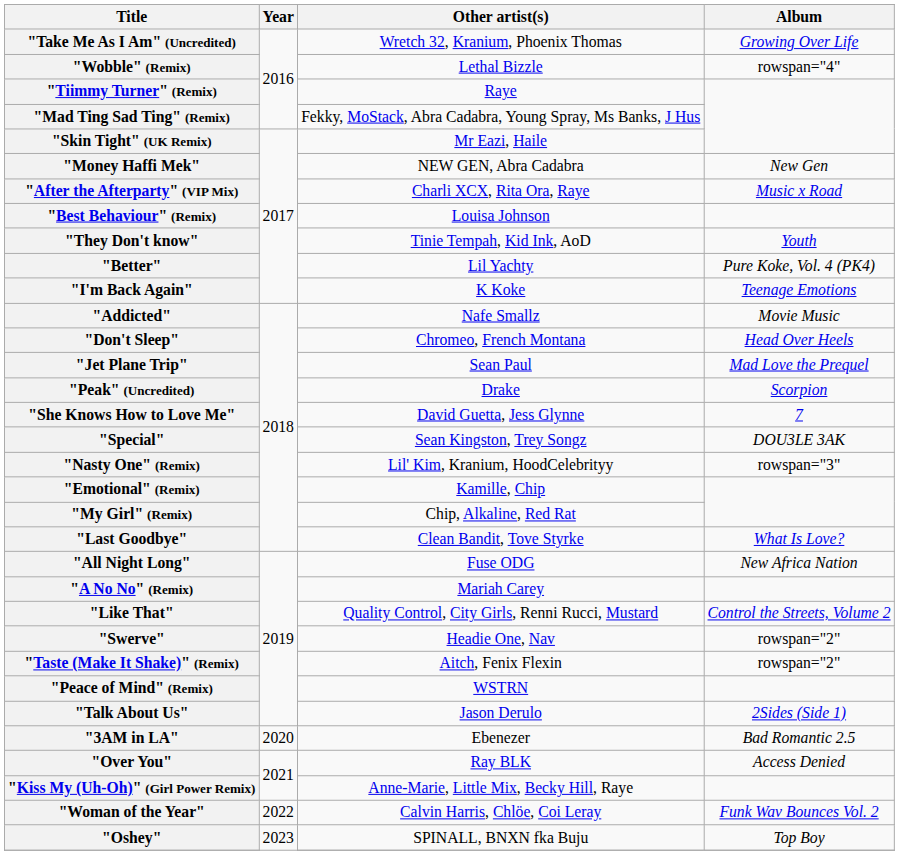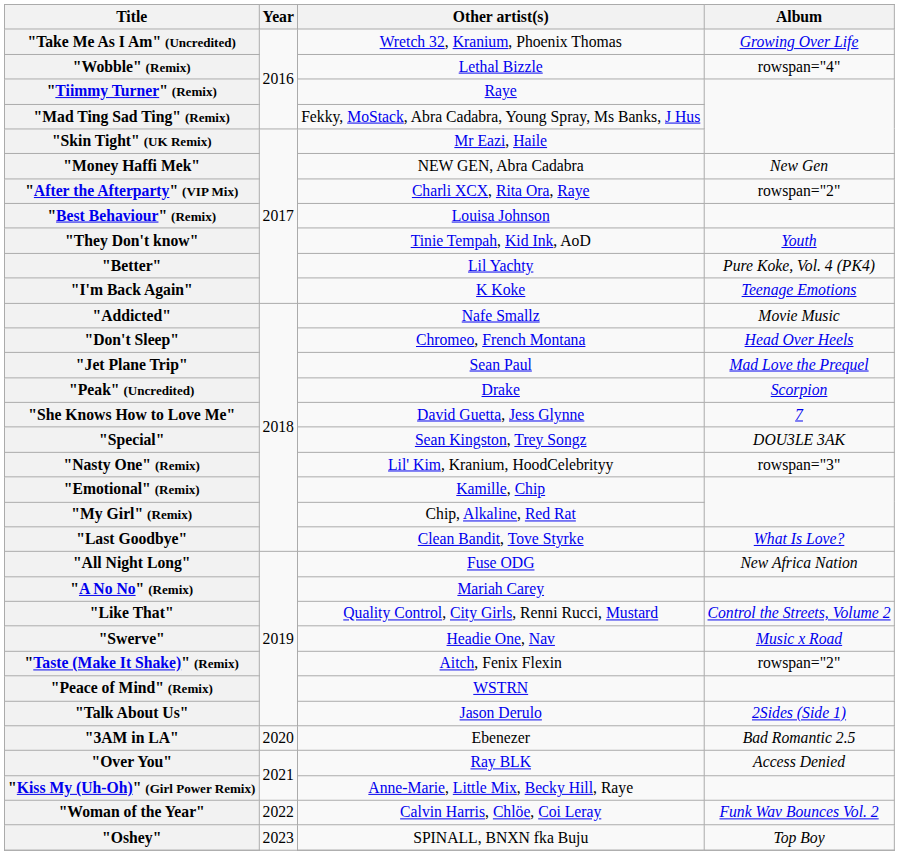 <table class="wikitable plainrowheaders" style="text-align:center;" border="1">
 <tr>
 <th scope="col">Title</th>
 <th scope="col">Year</th>
 <th scope="col">Other artist(s)</th>
 <th scope="col">Album</th>
 </tr>
 <tr>
 <th scope="row">"Take Me As I Am" <small>(Uncredited)</small></th>
 <td rowspan="4">2016</td>
 <td><a href='#'>Wretch 32</a>, <a href='#'>Kranium</a>, Phoenix Thomas</td>
 <td><em><a href='#'>Growing Over Life</a></em></td>
 </tr>
 <tr>
 <th scope="row">"Wobble" <small>(Remix)</small></th>
 <td><a href='#'>Lethal Bizzle</a></td>
 <td>rowspan="4" </td>
 </tr>
 <tr>
 <th scope="row">"<a href='#'>Tiimmy Turner</a>" <small>(Remix)</small></th>
 <td><a href='#'>Raye</a></td>
 </tr>
 <tr>
 <th scope="row">"Mad Ting Sad Ting" <small>(Remix)</small></th>
 <td>Fekky, <a href='#'>MoStack</a>, Abra Cadabra, Young Spray, Ms Banks, <a href='#'>J Hus</a></td>
 </tr>
 <tr>
 <th scope="row">"Skin Tight" <small>(UK Remix)</small></th>
 <td rowspan="7">2017</td>
 <td><a href='#'>Mr Eazi</a>, <a href='#'>Haile</a></td>
 </tr>
 <tr>
 <th scope="row">"Money Haffi Mek"</th>
 <td>NEW GEN, Abra Cadabra</td>
 <td><em>New Gen</em></td>
 </tr>
 <tr>
 <th scope="row">"<a href='#'>After the Afterparty</a>" <small>(VIP Mix)</small></th>
 <td><a href='#'>Charli XCX</a>, <a href='#'>Rita Ora</a>, <a href='#'>Raye</a></td>
-<td><em><a href='#'>Music x Road</a></em></td>
+<td>rowspan="2" </td>
 </tr>
 <tr>
 <th scope="row">"<a href='#'>Best Behaviour</a>" <small>(Remix)</small></th>
 <td><a href='#'>Louisa Johnson</a></td>
 </tr>
 <tr>
 <th scope="row">"They Don't know"</th>
 <td><a href='#'>Tinie Tempah</a>, <a href='#'>Kid Ink</a>, AoD</td>
 <td><em><a href='#'>Youth</a></em></td>
 </tr>
 <tr>
 <th scope="row">"Better"</th>
 <td><a href='#'>Lil Yachty</a></td>
 <td><em>Pure Koke, Vol. 4 (PK4)</em></td>
 </tr>
 <tr>
 <th scope="row">"I'm Back Again"</th>
 <td><a href='#'>K Koke</a></td>
 <td><em><a href='#'>Teenage Emotions</a></em></td>
 </tr>
 <tr>
 <th scope="row">"Addicted"</th>
 <td rowspan="10">2018</td>
 <td><a href='#'>Nafe Smallz</a></td>
 <td><em>Movie Music</em></td>
 </tr>
 <tr>
 <th scope="row">"Don't Sleep"</th>
 <td><a href='#'>Chromeo</a>, <a href='#'>French Montana</a></td>
 <td><em><a href='#'>Head Over Heels</a></em></td>
 </tr>
 <tr>
 <th scope="row">"Jet Plane Trip"</th>
 <td><a href='#'>Sean Paul</a></td>
 <td><em><a href='#'>Mad Love the Prequel</a></em></td>
 </tr>
 <tr>
 <th scope="row">"Peak" <small>(Uncredited)</small></th>
 <td><a href='#'>Drake</a></td>
 <td><em><a href='#'>Scorpion</a></em></td>
 </tr>
 <tr>
 <th scope="row">"She Knows How to Love Me"</th>
 <td><a href='#'>David Guetta</a>, <a href='#'>Jess Glynne</a></td>
 <td><em><a href='#'>7</a></em></td>
 </tr>
 <tr>
 <th scope="row">"Special"</th>
 <td><a href='#'>Sean Kingston</a>, <a href='#'>Trey Songz</a></td>
 <td><em>DOU3LE 3AK</em></td>
 </tr>
 <tr>
 <th scope="row">"Nasty One" <small>(Remix)</small></th>
 <td><a href='#'>Lil' Kim</a>, Kranium, HoodCelebrityy</td>
 <td>rowspan="3" </td>
 </tr>
 <tr>
 <th scope="row">"Emotional" <small>(Remix)</small></th>
 <td><a href='#'>Kamille</a>, <a href='#'>Chip</a></td>
 </tr>
 <tr>
 <th scope="row">"My Girl" <small>(Remix)</small></th>
 <td>Chip, <a href='#'>Alkaline</a>, <a href='#'>Red Rat</a></td>
 </tr>
 <tr>
 <th scope="row">"Last Goodbye"</th>
 <td><a href='#'>Clean Bandit</a>, <a href='#'>Tove Styrke</a></td>
 <td><em><a href='#'>What Is Love?</a></em></td>
 </tr>
 <tr>
 <th scope="row">"All Night Long"</th>
 <td rowspan="7">2019</td>
 <td><a href='#'>Fuse ODG</a></td>
 <td><em>New Africa Nation</em></td>
 </tr>
 <tr>
 <th scope="row">"<a href='#'>A No No</a>" <small>(Remix)</small></th>
 <td><a href='#'>Mariah Carey</a></td>
 <td></td>
 </tr>
 <tr>
 <th scope="row">"Like That"</th>
 <td><a href='#'>Quality Control</a>, <a href='#'>City Girls</a>, Renni Rucci, <a href='#'>Mustard</a></td>
 <td><em><a href='#'>Control the Streets, Volume 2</a></em></td>
 </tr>
 <tr>
 <th scope="row">"Swerve"</th>
 <td><a href='#'>Headie One</a>, <a href='#'>Nav</a></td>
-<td>rowspan="2" </td>
+<td><em><a href='#'>Music x Road</a></em></td>
 </tr>
 <tr>
 <th scope="row">"<a href='#'>Taste (Make It Shake)</a>" <small>(Remix)</small></th>
 <td><a href='#'>Aitch</a>, Fenix Flexin</td>
 <td>rowspan="2" </td>
 </tr>
 <tr>
 <th scope="row">"Peace of Mind" <small>(Remix)</small></th>
 <td><a href='#'>WSTRN</a></td>
 </tr>
 <tr>
 <th scope="row">"Talk About Us"</th>
 <td><a href='#'>Jason Derulo</a></td>
 <td><em><a href='#'>2Sides (Side 1)</a></em></td>
 </tr>
 <tr>
 <th scope="row">"3AM in LA"</th>
 <td>2020</td>
 <td>Ebenezer</td>
 <td><em>Bad Romantic 2.5</em></td>
 </tr>
 <tr>
 <th scope="row">"Over You"</th>
 <td rowspan="2">2021</td>
 <td><a href='#'>Ray BLK</a></td>
 <td><em>Access Denied</em></td>
 </tr>
 <tr>
 <th scope="row">"<a href='#'>Kiss My (Uh-Oh)</a>" <small>(Girl Power Remix)</small></th>
 <td><a href='#'>Anne-Marie</a>, <a href='#'>Little Mix</a>, <a href='#'>Becky Hill</a>, Raye</td>
 <td></td>
 </tr>
 <tr>
 <th scope="row">"Woman of the Year"</th>
 <td>2022</td>
 <td><a href='#'>Calvin Harris</a>, <a href='#'>Chlöe</a>, <a href='#'>Coi Leray</a></td>
 <td><em><a href='#'>Funk Wav Bounces Vol. 2</a></em></td>
 </tr>
 <tr>
 <th scope="row">"Oshey"</th>
 <td rowspan="2">2023</td>
 <td>SPINALL, BNXN fka Buju</td>
 <td><em>Top Boy</em></td>
 </tr>
 <tr>
 </tr>
 </table>
